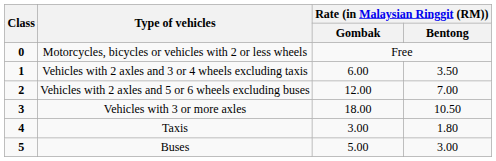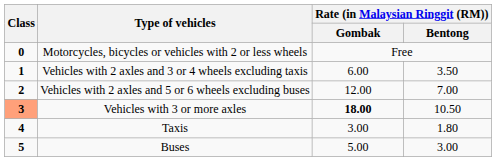 <table class=wikitable style="margin:0 auto;text-align:center">
 <tr>
 <th rowspan=2>Class</th>
 <th rowspan=2>Type of vehicles</th>
 <th colspan=2>Rate (in <a href='#'>Malaysian Ringgit</a> (RM))</th>
 </tr>
 <tr>
 <th>Gombak</th>
 <th>Bentong</th>
 </tr>
 <tr>
 <td><strong>0</strong></td>
 <td>Motorcycles, bicycles or vehicles with 2 or less wheels</td>
 <td colspan=2>Free</td>
 </tr>
 <tr>
 <td><strong>1</strong></td>
 <td>Vehicles with 2 axles and 3 or 4 wheels excluding taxis</td>
 <td>6.00</td>
 <td>3.50</td>
 </tr>
 <tr>
 <td><strong>2</strong></td>
 <td>Vehicles with 2 axles and 5 or 6 wheels excluding buses</td>
 <td>12.00</td>
 <td>7.00</td>
 </tr>
 <tr>
-<td><strong>3</strong></td>
+<td style="background: lightsalmon;"><strong>3</strong></td>
 <td>Vehicles with 3 or more axles</td>
-<td>18.00</td>
+<td><strong>18.00</strong></td>
 <td>10.50</td>
 </tr>
 <tr>
 <td><strong>4</strong></td>
 <td>Taxis</td>
 <td>3.00</td>
 <td>1.80</td>
 </tr>
 <tr>
 <td><strong>5</strong></td>
 <td>Buses</td>
 <td>5.00</td>
 <td>3.00</td>
 </tr>
 </table>
